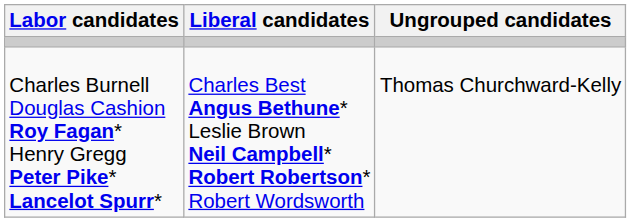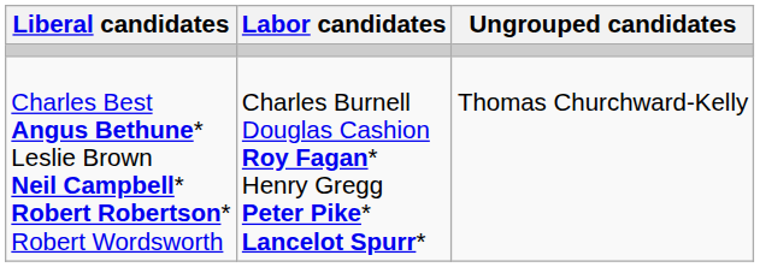 <table class="wikitable">
 <tr>
+<th><a href='#'>Liberal</a> candidates</th>
 <th><a href='#'>Labor</a> candidates</th>
-<th><a href='#'>Liberal</a> candidates</th>
 <th>Ungrouped candidates</th>
 </tr>
 <tr bgcolor="#cccccc">
 <td></td>
 <td></td>
 <td></td>
 </tr>
 <tr>
+<td><br><a href='#'>Charles Best</a><br> <strong><a href='#'>Angus Bethune</a></strong>*<br> Leslie Brown<br> <strong><a href='#'>Neil Campbell</a></strong>*<br> <strong><a href='#'>Robert Robertson</a></strong>*<br> <a href='#'>Robert Wordsworth</a></td>
 <td><br>Charles Burnell<br> <a href='#'>Douglas Cashion</a><br> <strong><a href='#'>Roy Fagan</a></strong>*<br> Henry Gregg<br> <strong><a href='#'>Peter Pike</a></strong>*<br> <strong><a href='#'>Lancelot Spurr</a></strong>*</td>
-<td><br><a href='#'>Charles Best</a><br> <strong><a href='#'>Angus Bethune</a></strong>*<br> Leslie Brown<br> <strong><a href='#'>Neil Campbell</a></strong>*<br> <strong><a href='#'>Robert Robertson</a></strong>*<br> <a href='#'>Robert Wordsworth</a></td>
 <td valign=top><br>Thomas Churchward-Kelly</td>
 </tr>
 </table>
